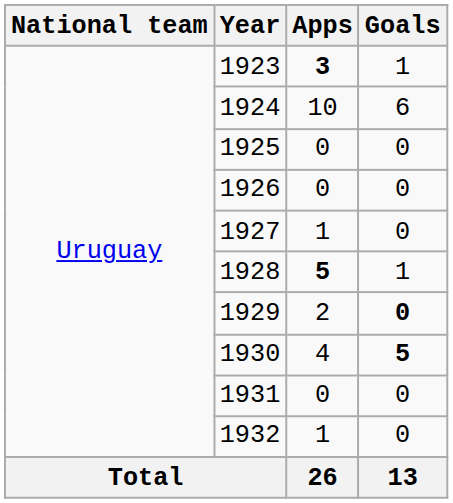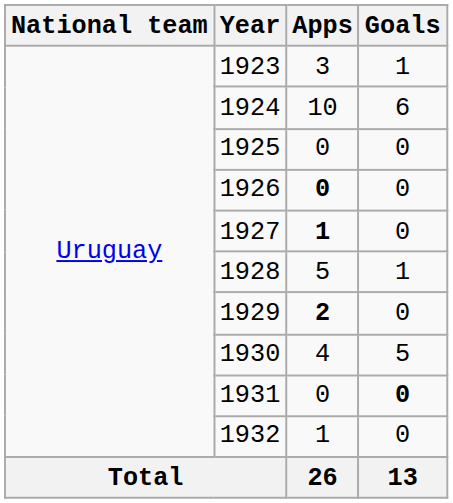 <table class=wikitable style=text-align:center>
 <tr>
 <th>National team</th>
 <th>Year</th>
 <th>Apps</th>
 <th>Goals</th>
 </tr>
 <tr>
 <td rowspan=10><a href='#'>Uruguay</a></td>
 <td>1923</td>
-<td><strong>3</strong></td>
+<td>3</td>
 <td>1</td>
 </tr>
 <tr>
 <td>1924</td>
 <td>10</td>
 <td>6</td>
 </tr>
 <tr>
 <td>1925</td>
 <td>0</td>
 <td>0</td>
 </tr>
 <tr>
 <td>1926</td>
-<td>0</td>
+<td><strong>0</strong></td>
 <td>0</td>
 </tr>
 <tr>
 <td>1927</td>
-<td>1</td>
+<td><strong>1</strong></td>
 <td>0</td>
 </tr>
 <tr>
 <td>1928</td>
-<td><strong>5</strong></td>
+<td>5</td>
 <td>1</td>
 </tr>
 <tr>
 <td>1929</td>
-<td>2</td>
-<td><strong>0</strong></td>
+<td><strong>2</strong></td>
+<td>0</td>
 </tr>
 <tr>
 <td>1930</td>
 <td>4</td>
-<td><strong>5</strong></td>
+<td>5</td>
 </tr>
 <tr>
 <td>1931</td>
 <td>0</td>
-<td>0</td>
+<td><strong>0</strong></td>
 </tr>
 <tr>
 <td>1932</td>
 <td>1</td>
 <td>0</td>
 </tr>
 <tr>
 <th colspan=2>Total</th>
 <th>26</th>
 <th>13</th>
 </tr>
 </table>
